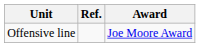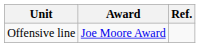 <table class="wikitable sortable sortable" style="text-align: center">
 <tr align=center>
 <th>Unit</th>
+<th>Award</th>
 <th>Ref.</th>
-<th>Award</th>
 </tr>
 <tr>
 <td>Offensive line</td>
+<td><a href='#'>Joe Moore Award</a></td>
 <td></td>
-<td><a href='#'>Joe Moore Award</a></td>
 </tr>
 </table>
